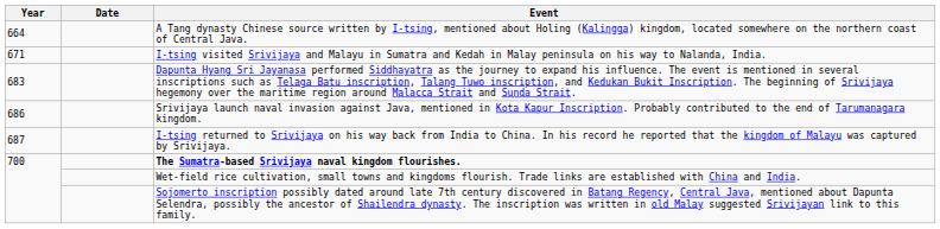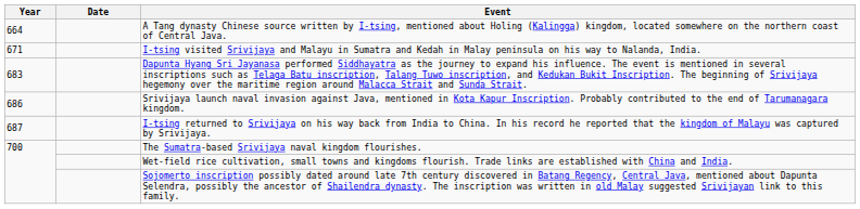 <table class="wikitable" width="100%">
 <tr>
 <th style="width:6%">Year</th>
 <th style="width:10%">Date</th>
 <th>Event</th>
 </tr>
 <tr>
 <td>664</td>
 <td></td>
 <td>A Tang dynasty Chinese source written by <a href='#'>I-tsing</a>, mentioned about Holing (<a href='#'>Kalingga</a>) kingdom, located somewhere on the northern coast of Central Java.</td>
 </tr>
 <tr>
 <td>671</td>
 <td></td>
 <td><a href='#'>I-tsing</a> visited <a href='#'>Srivijaya</a> and Malayu in Sumatra and Kedah in Malay peninsula on his way to Nalanda, India.</td>
 </tr>
 <tr>
 <td>683</td>
 <td></td>
 <td><a href='#'>Dapunta Hyang Sri Jayanasa</a> performed <a href='#'>Siddhayatra</a> as the journey to expand his influence. The event is mentioned in several inscriptions such as <a href='#'>Telaga Batu inscription</a>, <a href='#'>Talang Tuwo inscription</a>, and <a href='#'>Kedukan Bukit Inscription</a>. The beginning of <a href='#'>Srivijaya</a> hegemony over the maritime region around <a href='#'>Malacca Strait</a> and <a href='#'>Sunda Strait</a>.</td>
 </tr>
 <tr>
 <td>686</td>
 <td></td>
 <td>Srivijaya launch naval invasion against Java, mentioned in <a href='#'>Kota Kapur Inscription</a>. Probably contributed to the end of <a href='#'>Tarumanagara</a> kingdom.</td>
 </tr>
 <tr>
 <td>687</td>
 <td></td>
 <td><a href='#'>I-tsing</a> returned to <a href='#'>Srivijaya</a> on his way back from India to China. In his record he reported that the <a href='#'>kingdom of Malayu</a> was captured by Srivijaya.</td>
 </tr>
 <tr>
 <td rowspan="3" valign="top">700</td>
 <td></td>
-<td><strong>The <a href='#'>Sumatra</a>-based <a href='#'>Srivijaya</a> naval kingdom flourishes.</strong></td>
+<td>The <a href='#'>Sumatra</a>-based <a href='#'>Srivijaya</a> naval kingdom flourishes.</td>
 </tr>
 <tr>
 <td></td>
 <td>Wet-field rice cultivation, small towns and kingdoms flourish. Trade links are established with <a href='#'>China</a> and <a href='#'>India</a>.</td>
 </tr>
 <tr>
 <td></td>
 <td><a href='#'>Sojomerto inscription</a> possibly dated around late 7th century discovered in <a href='#'>Batang Regency</a>, <a href='#'>Central Java</a>, mentioned about Dapunta Selendra, possibly the ancestor of <a href='#'>Shailendra dynasty</a>. The inscription was written in <a href='#'>old Malay</a> suggested <a href='#'>Srivijayan</a> link to this family.</td>
 </tr>
 </table>
